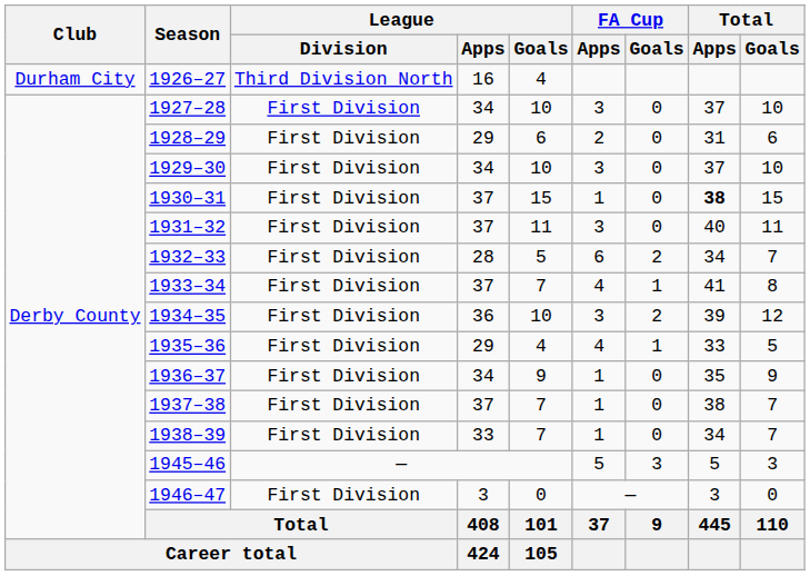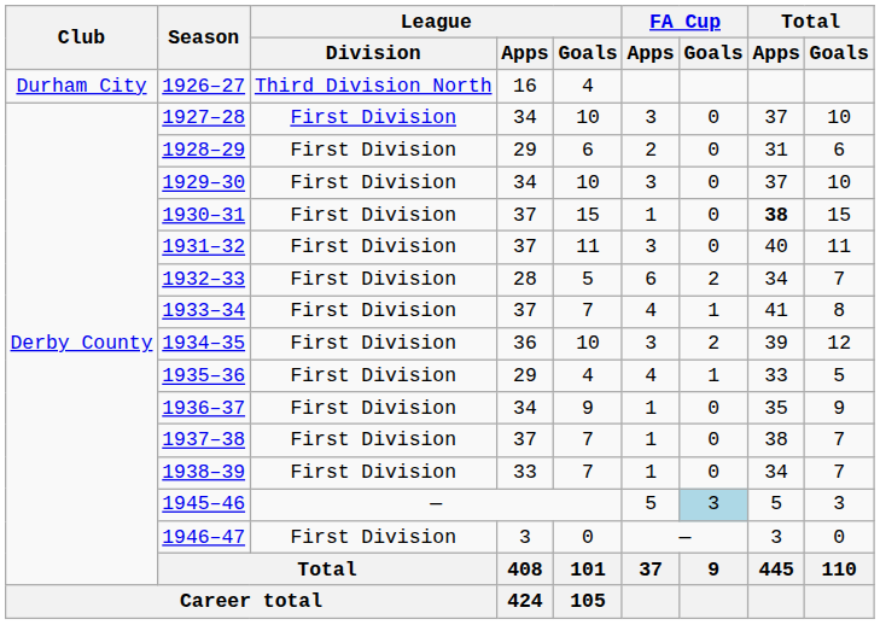 <table class="wikitable" style="text-align: center;">
 <tr>
 <th rowspan="2">Club</th>
 <th rowspan="2">Season</th>
 <th colspan="3">League</th>
 <th colspan="2"><a href='#'>FA Cup</a></th>
 <th colspan="2">Total</th>
 </tr>
 <tr>
 <th>Division</th>
 <th>Apps</th>
 <th>Goals</th>
 <th>Apps</th>
 <th>Goals</th>
 <th>Apps</th>
 <th>Goals</th>
 </tr>
 <tr>
 <td><a href='#'>Durham City</a></td>
 <td><a href='#'>1926–27</a></td>
 <td><a href='#'>Third Division North</a></td>
 <td>16</td>
 <td>4</td>
 <td></td>
 <td></td>
 <td></td>
 <td></td>
 </tr>
 <tr>
 <td rowspan="15"><a href='#'>Derby County</a></td>
 <td><a href='#'>1927–28</a></td>
 <td><a href='#'>First Division</a></td>
 <td>34</td>
 <td>10</td>
 <td>3</td>
 <td>0</td>
 <td>37</td>
 <td>10</td>
 </tr>
 <tr>
 <td><a href='#'>1928–29</a></td>
 <td>First Division</td>
 <td>29</td>
 <td>6</td>
 <td>2</td>
 <td>0</td>
 <td>31</td>
 <td>6</td>
 </tr>
 <tr>
 <td><a href='#'>1929–30</a></td>
 <td>First Division</td>
 <td>34</td>
 <td>10</td>
 <td>3</td>
 <td>0</td>
 <td>37</td>
 <td>10</td>
 </tr>
 <tr>
 <td><a href='#'>1930–31</a></td>
 <td>First Division</td>
 <td>37</td>
 <td>15</td>
 <td>1</td>
 <td>0</td>
 <td><strong>38</strong></td>
 <td>15</td>
 </tr>
 <tr>
 <td><a href='#'>1931–32</a></td>
 <td>First Division</td>
 <td>37</td>
 <td>11</td>
 <td>3</td>
 <td>0</td>
 <td>40</td>
 <td>11</td>
 </tr>
 <tr>
 <td><a href='#'>1932–33</a></td>
 <td>First Division</td>
 <td>28</td>
 <td>5</td>
 <td>6</td>
 <td>2</td>
 <td>34</td>
 <td>7</td>
 </tr>
 <tr>
 <td><a href='#'>1933–34</a></td>
 <td>First Division</td>
 <td>37</td>
 <td>7</td>
 <td>4</td>
 <td>1</td>
 <td>41</td>
 <td>8</td>
 </tr>
 <tr>
 <td><a href='#'>1934–35</a></td>
 <td>First Division</td>
 <td>36</td>
 <td>10</td>
 <td>3</td>
 <td>2</td>
 <td>39</td>
 <td>12</td>
 </tr>
 <tr>
 <td><a href='#'>1935–36</a></td>
 <td>First Division</td>
 <td>29</td>
 <td>4</td>
 <td>4</td>
 <td>1</td>
 <td>33</td>
 <td>5</td>
 </tr>
 <tr>
 <td><a href='#'>1936–37</a></td>
 <td>First Division</td>
 <td>34</td>
 <td>9</td>
 <td>1</td>
 <td>0</td>
 <td>35</td>
 <td>9</td>
 </tr>
 <tr>
 <td><a href='#'>1937–38</a></td>
 <td>First Division</td>
 <td>37</td>
 <td>7</td>
 <td>1</td>
 <td>0</td>
 <td>38</td>
 <td>7</td>
 </tr>
 <tr>
 <td><a href='#'>1938–39</a></td>
 <td>First Division</td>
 <td>33</td>
 <td>7</td>
 <td>1</td>
 <td>0</td>
 <td>34</td>
 <td>7</td>
 </tr>
 <tr>
 <td><a href='#'>1945–46</a></td>
 <td colspan="3">—</td>
 <td>5</td>
-<td>3</td>
+<td style="background: lightblue;">3</td>
 <td>5</td>
 <td>3</td>
 </tr>
 <tr>
 <td><a href='#'>1946–47</a></td>
 <td>First Division</td>
 <td>3</td>
 <td>0</td>
 <td colspan="2">—</td>
 <td>3</td>
 <td>0</td>
 </tr>
 <tr>
 <th colspan="2">Total</th>
 <th>408</th>
 <th>101</th>
 <th>37</th>
 <th>9</th>
 <th>445</th>
 <th>110</th>
 </tr>
 <tr>
 <th colspan="3">Career total</th>
 <th>424</th>
 <th>105</th>
 <th></th>
 <th></th>
 <th></th>
 <th></th>
 </tr>
 </table>
